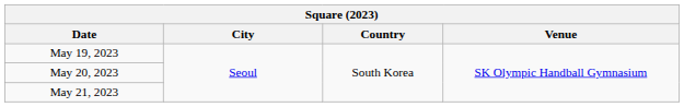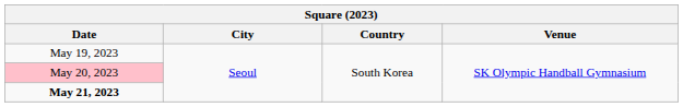 <table class="wikitable" style="text-align:center;">
 <tr>
 <th colspan="4">Square (2023)</th>
 </tr>
 <tr>
 <th width="200">Date</th>
 <th width="200">City</th>
 <th width="150">Country</th>
 <th width="300">Venue</th>
 </tr>
 <tr>
 <td>May 19, 2023</td>
 <td rowspan="3"><a href='#'>Seoul</a></td>
 <td rowspan="3">South Korea</td>
 <td rowspan="3"><a href='#'>SK Olympic Handball Gymnasium</a></td>
 </tr>
 <tr>
-<td>May 20, 2023</td>
+<td style="background: pink;">May 20, 2023</td>
 </tr>
 <tr>
-<td>May 21, 2023</td>
+<td><strong>May 21, 2023</strong></td>
 </tr>
 </table>
